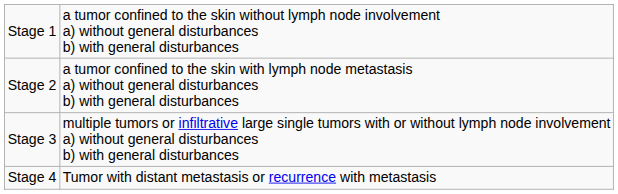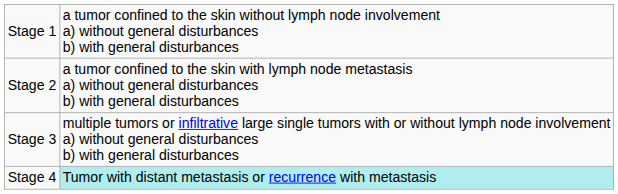 <table class="wikitable">
 <tr>
 <td>Stage 1</td>
 <td>a tumor confined to the skin without lymph node involvement<br>a) without general disturbances<br>b) with general disturbances</td>
 </tr>
 <tr>
 <td>Stage 2</td>
 <td>a tumor confined to the skin with lymph node metastasis<br>a) without general disturbances<br>b) with general disturbances</td>
 </tr>
 <tr>
 <td>Stage 3</td>
 <td>multiple tumors or <a href='#'>infiltrative</a> large single tumors with or without lymph node involvement<br>a) without general disturbances<br>b) with general disturbances</td>
 </tr>
 <tr>
 <td>Stage 4</td>
-<td>Tumor with distant metastasis or <a href='#'>recurrence</a> with metastasis</td>
+<td style="background: paleturquoise;">Tumor with distant metastasis or <a href='#'>recurrence</a> with metastasis</td>
 </tr>
 </table>
